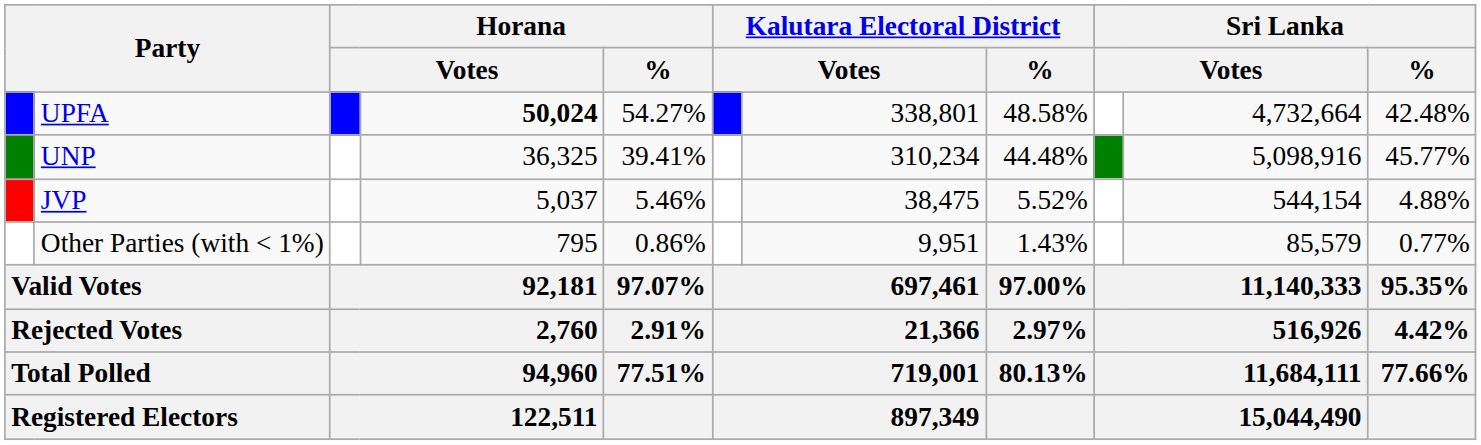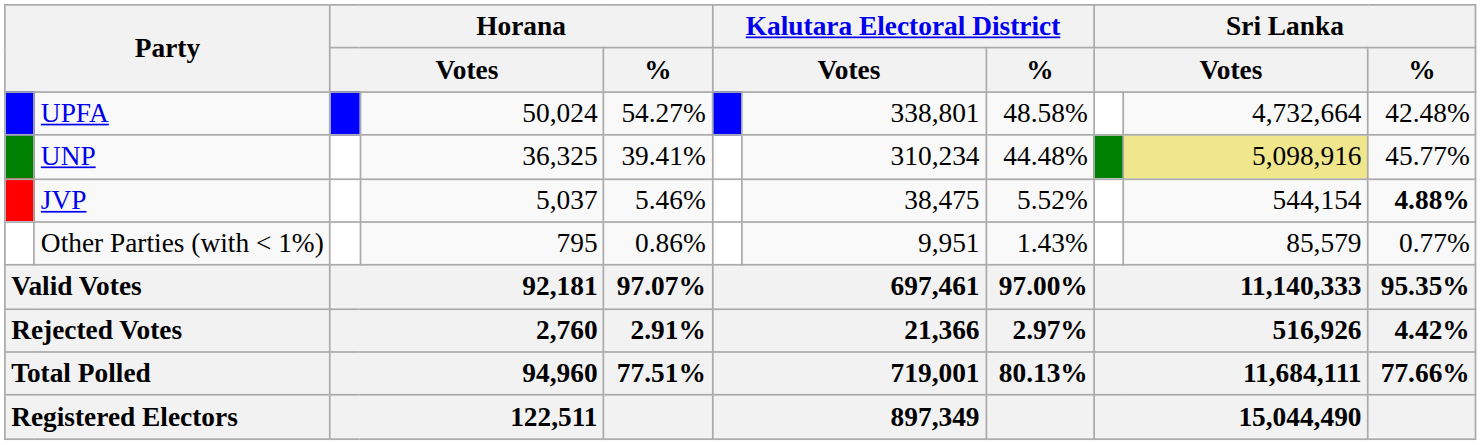 <table class="wikitable">
 <tr>
 <th colspan="2" width="144px"rowspan="2">Party</th>
 <th colspan="3" width="216px">Horana</th>
 <th colspan="3" width="216px"><a href='#'>Kalutara Electoral District</a></th>
 <th colspan="3" width="216px">Sri Lanka</th>
 </tr>
 <tr>
 <th colspan="2" width="144px">Votes</th>
 <th>%</th>
 <th colspan="2" width="144px">Votes</th>
 <th>%</th>
 <th colspan="2" width="144px">Votes</th>
 <th>%</th>
 </tr>
 <tr>
 <td style="background-color:blue;" width="10px"></td>
 <td style="text-align:left;"><a href='#'>UPFA</a></td>
 <td style="background-color:blue;" width="10px"></td>
-<td style="text-align:right;"><strong>50,024</strong></td>
+<td style="text-align:right;">50,024</td>
 <td style="text-align:right;">54.27%</td>
 <td style="background-color:blue;" width="10px"></td>
 <td style="text-align:right;">338,801</td>
 <td style="text-align:right;">48.58%</td>
 <td style="background-color:white;" width="10px"></td>
 <td style="text-align:right;">4,732,664</td>
 <td style="text-align:right;">42.48%</td>
 </tr>
 <tr>
 <td style="background-color:green;" width="10px"></td>
 <td style="text-align:left;"><a href='#'>UNP</a></td>
 <td style="background-color:white;" width="10px"></td>
 <td style="text-align:right;">36,325</td>
 <td style="text-align:right;">39.41%</td>
 <td style="background-color:white;" width="10px"></td>
 <td style="text-align:right;">310,234</td>
 <td style="text-align:right;">44.48%</td>
 <td style="background-color:green;" width="10px"></td>
-<td style="text-align:right;">5,098,916</td>
+<td style="background: khaki; text-align:right;">5,098,916</td>
 <td style="text-align:right;">45.77%</td>
 </tr>
 <tr>
 <td style="background-color:red;" width="10px"></td>
 <td style="text-align:left;"><a href='#'>JVP</a></td>
 <td style="background-color:white;" width="10px"></td>
 <td style="text-align:right;">5,037</td>
 <td style="text-align:right;">5.46%</td>
 <td style="background-color:white;" width="10px"></td>
 <td style="text-align:right;">38,475</td>
 <td style="text-align:right;">5.52%</td>
 <td style="background-color:white;" width="10px"></td>
 <td style="text-align:right;">544,154</td>
-<td style="text-align:right;">4.88%</td>
+<td style="text-align:right;"><strong>4.88%</strong></td>
 </tr>
 <tr>
 <td style="background-color:white;" width="10px"></td>
 <td style="text-align:left;">Other Parties (with < 1%)</td>
 <td style="background-color:white;" width="10px"></td>
 <td style="text-align:right;">795</td>
 <td style="text-align:right;">0.86%</td>
 <td style="background-color:white;" width="10px"></td>
 <td style="text-align:right;">9,951</td>
 <td style="text-align:right;">1.43%</td>
 <td style="background-color:white;" width="10px"></td>
 <td style="text-align:right;">85,579</td>
 <td style="text-align:right;">0.77%</td>
 </tr>
 <tr>
 <th colspan="2" width="144px"style="text-align:left;">Valid Votes</th>
 <th style="text-align:right;"colspan="2" width="144px">92,181</th>
 <th style="text-align:right;">97.07%</th>
 <th style="text-align:right;"colspan="2" width="144px">697,461</th>
 <th style="text-align:right;">97.00%</th>
 <th style="text-align:right;"colspan="2" width="144px">11,140,333</th>
 <th style="text-align:right;">95.35%</th>
 </tr>
 <tr>
 <th colspan="2" width="144px"style="text-align:left;">Rejected Votes</th>
 <th style="text-align:right;"colspan="2" width="144px">2,760</th>
 <th style="text-align:right;">2.91%</th>
 <th style="text-align:right;"colspan="2" width="144px">21,366</th>
 <th style="text-align:right;">2.97%</th>
 <th style="text-align:right;"colspan="2" width="144px">516,926</th>
 <th style="text-align:right;">4.42%</th>
 </tr>
 <tr>
 <th colspan="2" width="144px"style="text-align:left;">Total Polled</th>
 <th style="text-align:right;"colspan="2" width="144px">94,960</th>
 <th style="text-align:right;">77.51%</th>
 <th style="text-align:right;"colspan="2" width="144px">719,001</th>
 <th style="text-align:right;">80.13%</th>
 <th style="text-align:right;"colspan="2" width="144px">11,684,111</th>
 <th style="text-align:right;">77.66%</th>
 </tr>
 <tr>
 <th colspan="2" width="144px"style="text-align:left;">Registered Electors</th>
 <th style="text-align:right;"colspan="2" width="144px">122,511</th>
 <th></th>
 <th style="text-align:right;"colspan="2" width="144px">897,349</th>
 <th></th>
 <th style="text-align:right;"colspan="2" width="144px">15,044,490</th>
 <th></th>
 </tr>
 </table>
